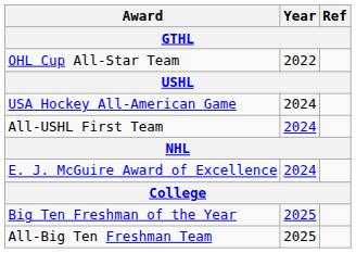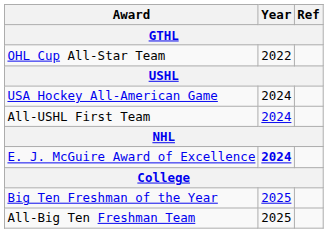 <table class="wikitable">
 <tr>
 <th>Award</th>
 <th>Year</th>
 <th>Ref</th>
 </tr>
 <tr>
 <th colspan="3"><a href='#'>GTHL</a></th>
 </tr>
 <tr>
 <td><a href='#'>OHL Cup</a> All-Star Team</td>
 <td>2022</td>
 <td></td>
 </tr>
 <tr>
 <th colspan="3"><a href='#'>USHL</a></th>
 </tr>
 <tr>
 <td><a href='#'>USA Hockey All-American Game</a></td>
 <td>2024</td>
 <td></td>
 </tr>
 <tr>
 <td>All-USHL First Team</td>
 <td><a href='#'>2024</a></td>
 <td></td>
 </tr>
 <tr>
 <th colspan="3"><a href='#'>NHL</a></th>
 </tr>
 <tr>
 <td><a href='#'>E. J. McGuire Award of Excellence</a></td>
-<td><a href='#'>2024</a></td>
+<td><strong><a href='#'>2024</a></strong></td>
 <td></td>
 </tr>
 <tr>
 <th colspan="3"><a href='#'>College</a></th>
 </tr>
 <tr>
 <td><a href='#'>Big Ten Freshman of the Year</a></td>
 <td><a href='#'>2025</a></td>
 <td></td>
 </tr>
 <tr>
 <td>All-Big Ten <a href='#'>Freshman Team</a></td>
 <td>2025</td>
 <td></td>
 </tr>
 </table>
